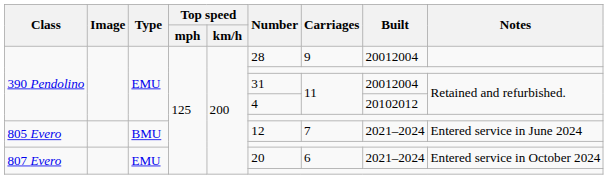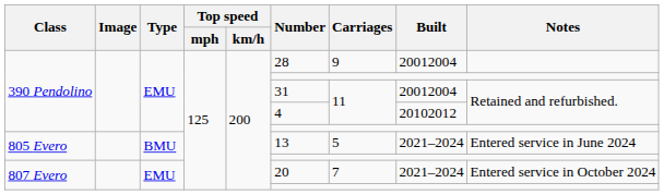 <table class="wikitable sortable">
 <tr style="background:#f9f9f9;">
 <th rowspan="2"> Class </th>
 <th rowspan="2">Image</th>
 <th rowspan="2"> Type </th>
 <th colspan="2"> Top speed </th>
 <th rowspan="2">Number</th>
 <th rowspan="2">Carriages</th>
 <th rowspan="2"> Built </th>
 <th rowspan="2"> Notes </th>
 </tr>
 <tr style="background:#f9f9f9;">
 <th> mph </th>
 <th> km/h </th>
 </tr>
 <tr>
 <td rowspan="5"><a href='#'>390 <em>Pendolino</em></a></td>
 <td rowspan="5"></td>
 <td rowspan="5"><a href='#'>EMU</a></td>
 <td rowspan="9">125</td>
 <td rowspan="9">200</td>
 <td>28</td>
 <td>9</td>
 <td>20012004</td>
 <td></td>
 </tr>
 <tr>
 <td colspan="4"></td>
 </tr>
 <tr>
 <td>31</td>
 <td rowspan="2">11</td>
 <td>20012004</td>
 <td rowspan="2">Retained and refurbished.</td>
 </tr>
 <tr>
 <td>4</td>
 <td>20102012</td>
 </tr>
 <tr>
 <td colspan="4"></td>
 </tr>
 <tr>
 <td rowspan="2"><a href='#'>805 <em>Evero</em></a></td>
 <td rowspan="2"></td>
 <td rowspan="2"><a href='#'>BMU</a></td>
-<td>12</td>
-<td>7</td>
+<td>13</td>
+<td>5</td>
 <td>2021–2024</td>
 <td>Entered service in June 2024</td>
 </tr>
 <tr>
 <td colspan="4"></td>
 </tr>
 <tr>
 <td rowspan="2"><a href='#'>807 <em>Evero</em></a></td>
 <td rowspan="2"></td>
 <td rowspan="2"><a href='#'>EMU</a></td>
 <td>20</td>
-<td>6</td>
+<td>7</td>
 <td>2021–2024</td>
 <td>Entered service in October 2024</td>
 </tr>
 <tr>
 <td colspan="4"></td>
 </tr>
 </table>
